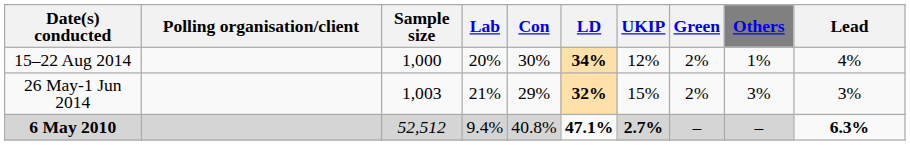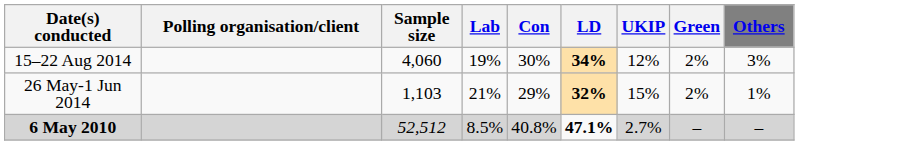 <table class="wikitable sortable" style="text-align:center;font-size:90%;line-height:14px">
 <tr>
 <th ! style="width:105px;">Date(s)<br>conducted</th>
 <th style="width:190px;">Polling organisation/client</th>
 <th class="unsortable" style="width:60px;">Sample size</th>
 <th class="unsortable" style="background:"><a href='#'><span>Lab</span></a></th>
 <th class="unsortable" style="background:"><a href='#'><span>Con</span></a></th>
 <th class="unsortable" style="background:"><a href='#'><span>LD</span></a></th>
 <th class="unsortable" style="background:"><a href='#'><span>UKIP</span></a></th>
 <th class="unsortable" style="background:"><a href='#'><span>Green</span></a></th>
 <th class="unsortable" style="background:gray; width:50px;"><a href='#'><span>Others</span></a></th>
-<th class="unsortable" style="width:85px;">Lead</th>
 </tr>
 <tr>
 <td>15–22 Aug 2014</td>
 <td></td>
-<td>1,000</td>
-<td>20%</td>
+<td>4,060</td>
+<td>19%</td>
 <td>30%</td>
 <td style="background:#FEE1A8"><strong>34%</strong></td>
 <td>12%</td>
 <td>2%</td>
-<td>1%</td>
-<td style="background:">4%</td>
+<td>3%</td>
 </tr>
 <tr>
 <td>26 May-1 Jun 2014</td>
 <td></td>
-<td>1,003</td>
+<td>1,103</td>
 <td>21%</td>
 <td>29%</td>
 <td style="background:#FEE1A8"><strong>32%</strong></td>
 <td>15%</td>
 <td>2%</td>
-<td>3%</td>
-<td style="background:">3%</td>
+<td>1%</td>
 </tr>
 <tr>
 <td style="background:#D5D5D5"><strong>6 May 2010</strong></td>
 <td style="background:#D5D5D5"></td>
 <td style="background:#D5D5D5"><em>52,512</em></td>
-<td style="background:#D5D5D5">9.4%</td>
+<td style="background:#D5D5D5">8.5%</td>
 <td style="background:#D5D5D5">40.8%</td>
 <td style="background:"><strong>47.1%</strong></td>
-<td style="background:#D5D5D5"><strong>2.7%</strong></td>
+<td style="background:#D5D5D5">2.7%</td>
 <td style="background:#D5D5D5">–</td>
 <td style="background:#D5D5D5">–</td>
-<td style="background:"><strong>6.3% </strong></td>
 </tr>
 </table>
